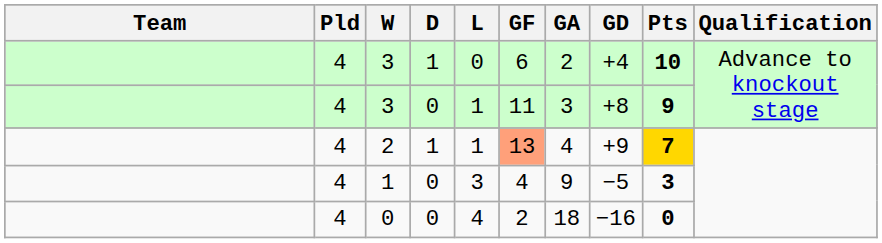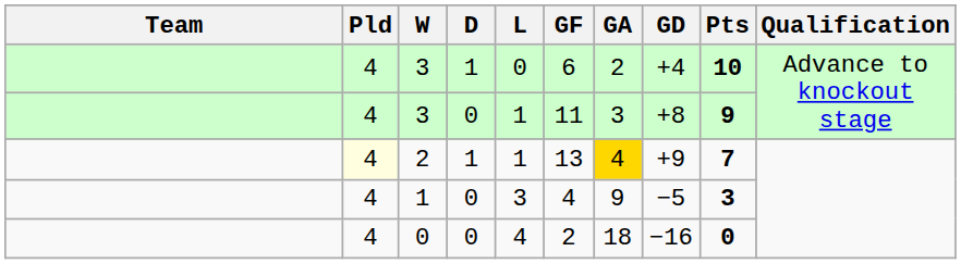 <table class="wikitable" style="text-align: center;">
 <tr>
 <th width="175">Team</th>
 <th width="20">Pld</th>
 <th width="20">W</th>
 <th width="20">D</th>
 <th width="20">L</th>
 <th width="20">GF</th>
 <th width="20">GA</th>
 <th width="25">GD</th>
 <th width="20">Pts</th>
 <th width="20">Qualification</th>
 </tr>
 <tr bgcolor=#ccffcc>
 <td align=left></td>
 <td>4</td>
 <td>3</td>
 <td>1</td>
 <td>0</td>
 <td>6</td>
 <td>2</td>
 <td>+4</td>
 <td><strong>10</strong></td>
 <td rowspan="2">Advance to <a href='#'>knockout stage</a></td>
 </tr>
 <tr bgcolor=#ccffcc>
 <td align=left></td>
 <td>4</td>
 <td>3</td>
 <td>0</td>
 <td>1</td>
 <td>11</td>
 <td>3</td>
 <td>+8</td>
 <td><strong>9</strong></td>
 </tr>
 <tr>
 <td align=left></td>
-<td>4</td>
+<td style="background: lightyellow;">4</td>
 <td>2</td>
 <td>1</td>
 <td>1</td>
-<td style="background: lightsalmon;">13</td>
-<td>4</td>
+<td>13</td>
+<td style="background: gold;">4</td>
 <td>+9</td>
-<td style="background: gold;"><strong>7</strong></td>
+<td><strong>7</strong></td>
 </tr>
 <tr>
 <td align=left></td>
 <td>4</td>
 <td>1</td>
 <td>0</td>
 <td>3</td>
 <td>4</td>
 <td>9</td>
 <td>−5</td>
 <td><strong>3</strong></td>
 </tr>
 <tr>
 <td align=left></td>
 <td>4</td>
 <td>0</td>
 <td>0</td>
 <td>4</td>
 <td>2</td>
 <td>18</td>
 <td>−16</td>
 <td><strong>0</strong></td>
 </tr>
 </table>
